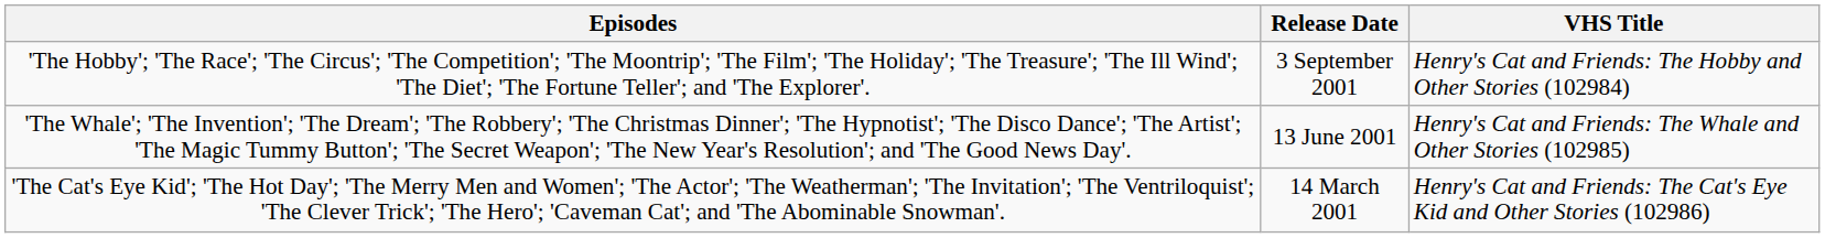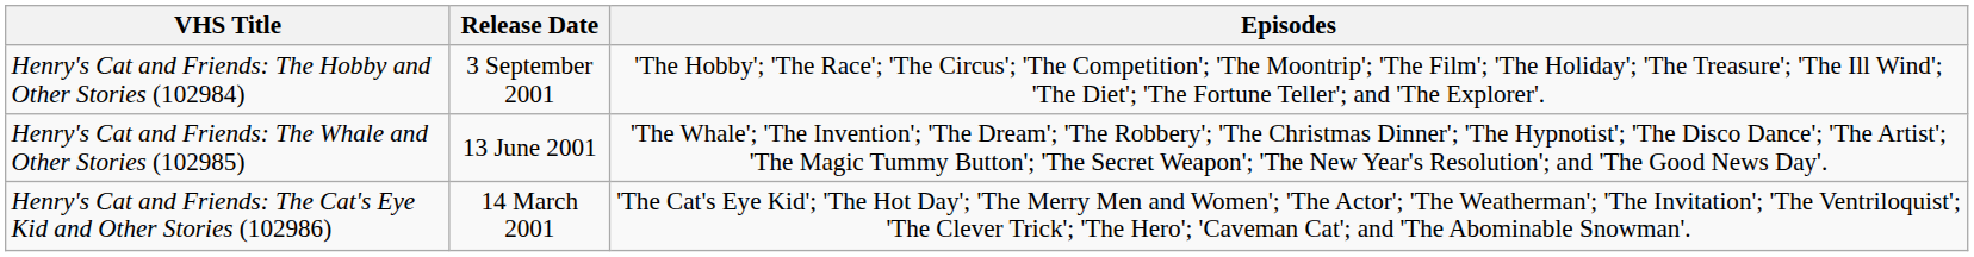 <table class="wikitable">
 <tr>
+<th>VHS Title</th>
+<th>Release Date</th>
 <th>Episodes</th>
-<th>Release Date</th>
-<th>VHS Title</th>
 </tr>
 <tr>
+<td><em>Henry's Cat and Friends: The Hobby and Other Stories</em> (102984)</td>
+<td align="center">3 September 2001</td>
 <td align="center">'The Hobby'; 'The Race'; 'The Circus'; 'The Competition'; 'The Moontrip'; 'The Film'; 'The Holiday'; 'The Treasure'; 'The Ill Wind'; 'The Diet'; 'The Fortune Teller'; and 'The Explorer'.</td>
-<td align="center">3 September 2001</td>
-<td><em>Henry's Cat and Friends: The Hobby and Other Stories</em> (102984)</td>
 </tr>
 <tr>
+<td><em>Henry's Cat and Friends: The Whale and Other Stories</em> (102985)</td>
+<td align="center">13 June 2001</td>
 <td align="center">'The Whale'; 'The Invention'; 'The Dream'; 'The Robbery'; 'The Christmas Dinner'; 'The Hypnotist'; 'The Disco Dance'; 'The Artist'; 'The Magic Tummy Button'; 'The Secret Weapon'; 'The New Year's Resolution'; and 'The Good News Day'.</td>
-<td align="center">13 June 2001</td>
-<td><em>Henry's Cat and Friends: The Whale and Other Stories</em> (102985)</td>
 </tr>
 <tr>
+<td><em>Henry's Cat and Friends: The Cat's Eye Kid and Other Stories</em> (102986)</td>
+<td align="center">14 March 2001</td>
 <td align="center">'The Cat's Eye Kid'; 'The Hot Day'; 'The Merry Men and Women'; 'The Actor'; 'The Weatherman'; 'The Invitation'; 'The Ventriloquist'; 'The Clever Trick'; 'The Hero'; 'Caveman Cat'; and 'The Abominable Snowman'.</td>
-<td align="center">14 March 2001</td>
-<td><em>Henry's Cat and Friends: The Cat's Eye Kid and Other Stories</em> (102986)</td>
 </tr>
 </table>
